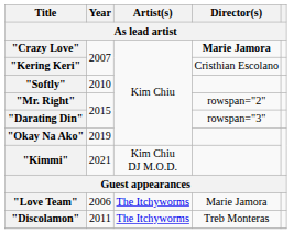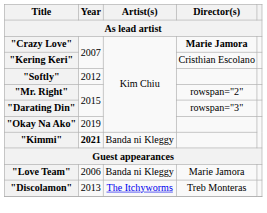 <table class="wikitable plainrowheaders" style="text-align:center;">
 <tr>
 <th scope="col">Title</th>
 <th scope="col">Year</th>
 <th scope="col">Artist(s)</th>
 <th scope="col">Director(s)</th>
 <th scope="col"></th>
 </tr>
 <tr>
 <th scope="col" colspan="5">As lead artist</th>
 </tr>
 <tr>
 <th scope="row">"Crazy Love"</th>
 <td rowspan="2">2007</td>
 <td rowspan="6">Kim Chiu</td>
 <td><strong>Marie Jamora</strong></td>
 <td></td>
 </tr>
 <tr>
 <th scope="row">"Kering Keri"</th>
 <td>Cristhian Escolano</td>
 <td></td>
 </tr>
 <tr>
 <th scope="row">"Softly"</th>
-<td>2010</td>
+<td>2012</td>
 <td></td>
 </tr>
 <tr>
 <th scope="row">"Mr. Right"</th>
 <td rowspan="2">2015</td>
 <td>rowspan="2" </td>
 <td></td>
 </tr>
 <tr>
 <th scope="row">"Darating Din"</th>
 <td>rowspan="3" </td>
 <td></td>
 </tr>
 <tr>
 <th scope="row">"Okay Na Ako"</th>
 <td>2019</td>
 <td></td>
 </tr>
 <tr>
 <th scope="row">"Kimmi"</th>
-<td>2021</td>
-<td>Kim Chiu<br>DJ M.O.D.</td>
+<td><strong>2021</strong></td>
+<td>Banda ni Kleggy</td>
 <td></td>
 </tr>
 <tr>
 <th scope="col" colspan="5">Guest appearances</th>
 </tr>
 <tr>
 <th scope="row">"Love Team"</th>
 <td>2006</td>
-<td><a href='#'>The Itchyworms</a></td>
+<td>Banda ni Kleggy</td>
 <td>Marie Jamora</td>
 <td></td>
 </tr>
 <tr>
 <th scope="row">"Discolamon"</th>
-<td>2011</td>
+<td>2013</td>
 <td><a href='#'>The Itchyworms</a></td>
 <td>Treb Monteras</td>
 <td></td>
 </tr>
 <tr>
 </tr>
 </table>
